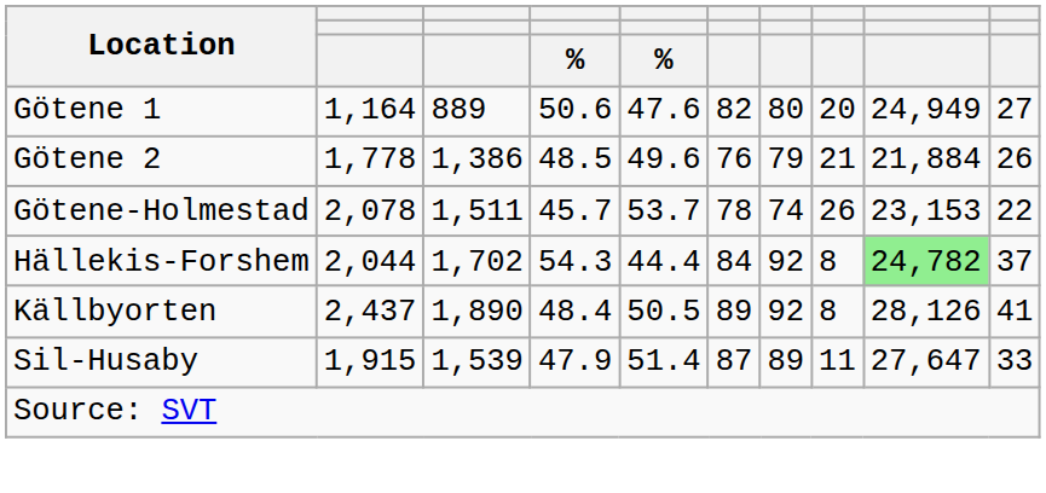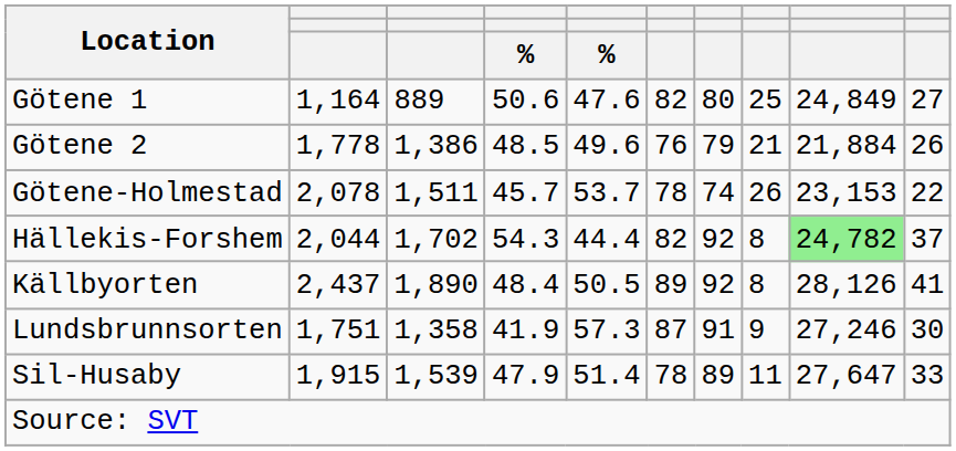 <table role="presentation" class="wikitable sortable mw-collapsible">
 <tr>
 <th rowspan="3">Location</th>
 <th></th>
 <th></th>
 <th></th>
 <th></th>
 <th></th>
 <th></th>
 <th></th>
 <th></th>
 <th></th>
 </tr>
 <tr>
 <th></th>
 <th></th>
 <th style="background:"></th>
 <th style="background:"></th>
 <th></th>
 <th></th>
 <th></th>
 <th></th>
 <th></th>
 </tr>
 <tr>
 <th data-sort-type="number"></th>
 <th data-sort-type="number"></th>
 <th data-sort-type="number">%</th>
 <th data-sort-type="number">%</th>
 <th data-sort-type="number"></th>
 <th data-sort-type="number"></th>
 <th data-sort-type="number"></th>
 <th data-sort-type="number"></th>
 <th data-sort-type="number"></th>
 </tr>
 <tr>
 <td align="left">Götene 1</td>
 <td>1,164</td>
 <td>889</td>
 <td>50.6</td>
 <td>47.6</td>
 <td>82</td>
 <td>80</td>
-<td>20</td>
-<td>24,949</td>
+<td>25</td>
+<td>24,849</td>
 <td>27</td>
 </tr>
 <tr>
 <td align="left">Götene 2</td>
 <td>1,778</td>
 <td>1,386</td>
 <td>48.5</td>
 <td>49.6</td>
 <td>76</td>
 <td>79</td>
 <td>21</td>
 <td>21,884</td>
 <td>26</td>
 </tr>
 <tr>
 <td align="left">Götene-Holmestad</td>
 <td>2,078</td>
 <td>1,511</td>
 <td>45.7</td>
 <td>53.7</td>
 <td>78</td>
 <td>74</td>
 <td>26</td>
 <td>23,153</td>
 <td>22</td>
 </tr>
 <tr>
 <td align="left">Hällekis-Forshem</td>
 <td>2,044</td>
 <td>1,702</td>
 <td>54.3</td>
 <td>44.4</td>
-<td>84</td>
+<td>82</td>
 <td>92</td>
 <td>8</td>
 <td style="background: lightgreen;">24,782</td>
 <td>37</td>
 </tr>
 <tr>
 <td align="left">Källbyorten</td>
 <td>2,437</td>
 <td>1,890</td>
 <td>48.4</td>
 <td>50.5</td>
 <td>89</td>
 <td>92</td>
 <td>8</td>
 <td>28,126</td>
 <td>41</td>
 </tr>
 <tr>
+<td align="left">Lundsbrunnsorten</td>
+<td>1,751</td>
+<td>1,358</td>
+<td>41.9</td>
+<td>57.3</td>
+<td>87</td>
+<td>91</td>
+<td>9</td>
+<td>27,246</td>
+<td>30</td>
+</tr>
+<tr>
 <td align="left">Sil-Husaby</td>
 <td>1,915</td>
 <td>1,539</td>
 <td>47.9</td>
 <td>51.4</td>
-<td>87</td>
+<td>78</td>
 <td>89</td>
 <td>11</td>
 <td>27,647</td>
 <td>33</td>
 </tr>
 <tr>
 <td colspan="10" align="left">Source: <a href='#'>SVT</a></td>
 </tr>
 </table>
